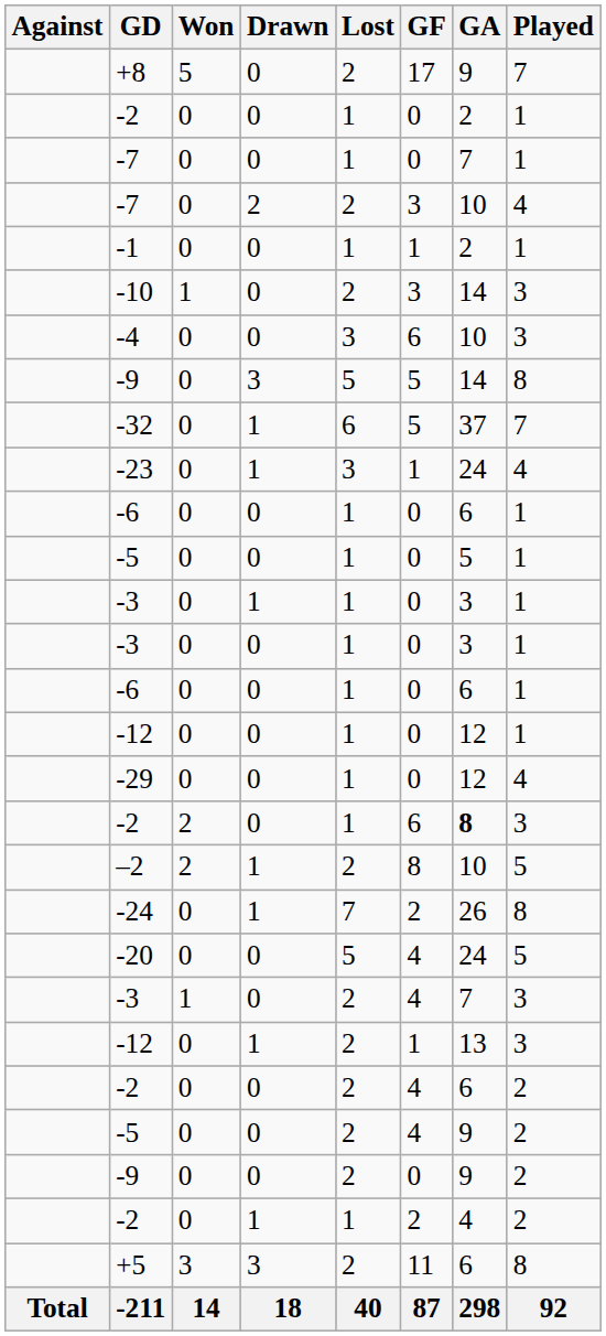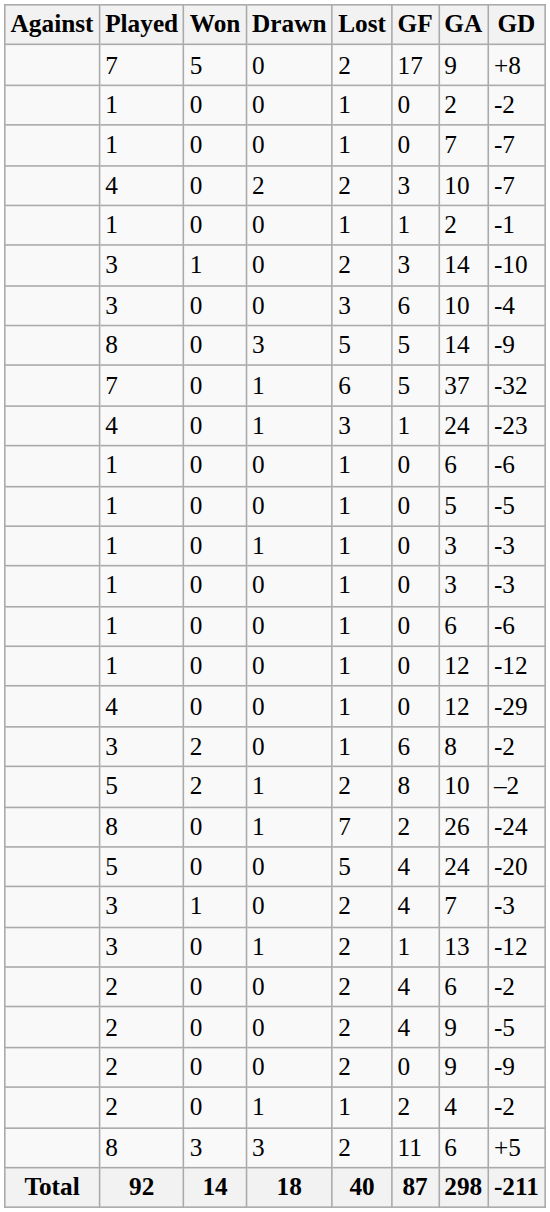 <table class="sortable wikitable">
 <tr>
 <th>Against</th>
-<th>GD</th>
+<th>Played</th>
 <th>Won</th>
 <th>Drawn</th>
 <th>Lost</th>
 <th>GF</th>
 <th>GA</th>
-<th>Played</th>
+<th>GD</th>
 </tr>
 <tr>
 <td style="text-align:left;"></td>
-<td>+8</td>
+<td>7</td>
 <td>5</td>
 <td>0</td>
 <td>2</td>
 <td>17</td>
 <td>9</td>
-<td>7</td>
+<td>+8</td>
 </tr>
 <tr>
 <td style="text-align:left;"></td>
-<td>-2</td>
+<td>1</td>
 <td>0</td>
 <td>0</td>
 <td>1</td>
 <td>0</td>
 <td>2</td>
-<td>1</td>
+<td>-2</td>
 </tr>
 <tr>
 <td style="text-align:left;"></td>
-<td>-7</td>
+<td>1</td>
 <td>0</td>
 <td>0</td>
 <td>1</td>
 <td>0</td>
 <td>7</td>
-<td>1</td>
+<td>-7</td>
 </tr>
 <tr>
 <td style="text-align:left;"></td>
-<td>-7</td>
+<td>4</td>
 <td>0</td>
 <td>2</td>
 <td>2</td>
 <td>3</td>
 <td>10</td>
-<td>4</td>
+<td>-7</td>
 </tr>
 <tr>
 <td style="text-align:left;"></td>
-<td>-1</td>
+<td>1</td>
 <td>0</td>
 <td>0</td>
 <td>1</td>
 <td>1</td>
 <td>2</td>
-<td>1</td>
+<td>-1</td>
 </tr>
 <tr>
 <td style="text-align:left;"></td>
-<td>-10</td>
+<td>3</td>
 <td>1</td>
 <td>0</td>
 <td>2</td>
 <td>3</td>
 <td>14</td>
-<td>3</td>
+<td>-10</td>
 </tr>
 <tr>
 <td style="text-align:left;"><em></em></td>
-<td>-4</td>
+<td>3</td>
 <td>0</td>
 <td>0</td>
 <td>3</td>
 <td>6</td>
 <td>10</td>
-<td>3</td>
+<td>-4</td>
 </tr>
 <tr>
 <td style="text-align:left;"></td>
-<td>-9</td>
+<td>8</td>
 <td>0</td>
 <td>3</td>
 <td>5</td>
 <td>5</td>
 <td>14</td>
-<td>8</td>
+<td>-9</td>
 </tr>
 <tr>
 <td style="text-align:left;"></td>
-<td>-32</td>
+<td>7</td>
 <td>0</td>
 <td>1</td>
 <td>6</td>
 <td>5</td>
 <td>37</td>
-<td>7</td>
+<td>-32</td>
 </tr>
 <tr>
 <td style="text-align:left;"></td>
-<td>-23</td>
+<td>4</td>
 <td>0</td>
 <td>1</td>
 <td>3</td>
 <td>1</td>
 <td>24</td>
-<td>4</td>
+<td>-23</td>
 </tr>
 <tr>
 <td style="text-align:left;"><em></em></td>
-<td>-6</td>
+<td>1</td>
 <td>0</td>
 <td>0</td>
 <td>1</td>
 <td>0</td>
 <td>6</td>
-<td>1</td>
+<td>-6</td>
 </tr>
 <tr>
 <td style="text-align:left;"></td>
-<td>-5</td>
+<td>1</td>
 <td>0</td>
 <td>0</td>
 <td>1</td>
 <td>0</td>
 <td>5</td>
-<td>1</td>
+<td>-5</td>
 </tr>
 <tr>
 <td style="text-align:left;"><em></em></td>
-<td>-3</td>
+<td>1</td>
 <td>0</td>
 <td>1</td>
 <td>1</td>
 <td>0</td>
 <td>3</td>
-<td>1</td>
+<td>-3</td>
 </tr>
 <tr>
 <td style="text-align:left;"></td>
-<td>-3</td>
+<td>1</td>
 <td>0</td>
 <td>0</td>
 <td>1</td>
 <td>0</td>
 <td>3</td>
-<td>1</td>
+<td>-3</td>
 </tr>
 <tr>
 <td style="text-align:left;"></td>
-<td>-6</td>
+<td>1</td>
 <td>0</td>
 <td>0</td>
 <td>1</td>
 <td>0</td>
 <td>6</td>
-<td>1</td>
+<td>-6</td>
 </tr>
 <tr>
 <td style="text-align:left;"></td>
-<td>-12</td>
+<td>1</td>
 <td>0</td>
 <td>0</td>
 <td>1</td>
 <td>0</td>
 <td>12</td>
-<td>1</td>
+<td>-12</td>
 </tr>
 <tr>
 <td style="text-align:left;"><em></em></td>
-<td>-29</td>
+<td>4</td>
 <td>0</td>
 <td>0</td>
 <td>1</td>
 <td>0</td>
 <td>12</td>
-<td>4</td>
+<td>-29</td>
 </tr>
 <tr>
 <td style="text-align:left;"></td>
-<td>-2</td>
+<td>3</td>
 <td>2</td>
 <td>0</td>
 <td>1</td>
 <td>6</td>
-<td><strong>8</strong></td>
-<td>3</td>
+<td>8</td>
+<td>-2</td>
 </tr>
 <tr>
 <td style="text-align:left;"></td>
-<td>–2</td>
+<td>5</td>
 <td>2</td>
 <td>1</td>
 <td>2</td>
 <td>8</td>
 <td>10</td>
-<td>5</td>
+<td>–2</td>
 </tr>
 <tr>
 <td style="text-align:left;"></td>
-<td>-24</td>
+<td>8</td>
 <td>0</td>
 <td>1</td>
 <td>7</td>
 <td>2</td>
 <td>26</td>
-<td>8</td>
+<td>-24</td>
 </tr>
 <tr>
 <td style="text-align:left;"></td>
-<td>-20</td>
+<td>5</td>
 <td>0</td>
 <td>0</td>
 <td>5</td>
 <td>4</td>
 <td>24</td>
-<td>5</td>
+<td>-20</td>
 </tr>
 <tr>
 <td style="text-align:left;"><em></em></td>
-<td>-3</td>
+<td>3</td>
 <td>1</td>
 <td>0</td>
 <td>2</td>
 <td>4</td>
 <td>7</td>
-<td>3</td>
+<td>-3</td>
 </tr>
 <tr>
 <td style="text-align:left;"></td>
-<td>-12</td>
+<td>3</td>
 <td>0</td>
 <td>1</td>
 <td>2</td>
 <td>1</td>
 <td>13</td>
-<td>3</td>
+<td>-12</td>
 </tr>
 <tr>
 <td style="text-align:left;"><em></em></td>
-<td>-2</td>
+<td>2</td>
 <td>0</td>
 <td>0</td>
 <td>2</td>
 <td>4</td>
 <td>6</td>
-<td>2</td>
+<td>-2</td>
 </tr>
 <tr>
 <td style="text-align:left;"></td>
-<td>-5</td>
+<td>2</td>
 <td>0</td>
 <td>0</td>
 <td>2</td>
 <td>4</td>
 <td>9</td>
-<td>2</td>
+<td>-5</td>
 </tr>
 <tr>
 <td style="text-align:left;"></td>
-<td>-9</td>
+<td>2</td>
 <td>0</td>
 <td>0</td>
 <td>2</td>
 <td>0</td>
 <td>9</td>
-<td>2</td>
+<td>-9</td>
 </tr>
 <tr>
 <td style="text-align:left;"></td>
-<td>-2</td>
+<td>2</td>
 <td>0</td>
 <td>1</td>
 <td>1</td>
 <td>2</td>
 <td>4</td>
-<td>2</td>
+<td>-2</td>
 </tr>
 <tr>
 <td style="text-align:left;"></td>
-<td>+5</td>
+<td>8</td>
 <td>3</td>
 <td>3</td>
 <td>2</td>
 <td>11</td>
 <td>6</td>
-<td>8</td>
+<td>+5</td>
 </tr>
 <tr class="sortbottom"|>
 <th>Total</th>
-<th>-211</th>
+<th>92</th>
 <th>14</th>
 <th>18</th>
 <th>40</th>
 <th>87</th>
 <th>298</th>
-<th>92</th>
+<th>-211</th>
 </tr>
 </table>
